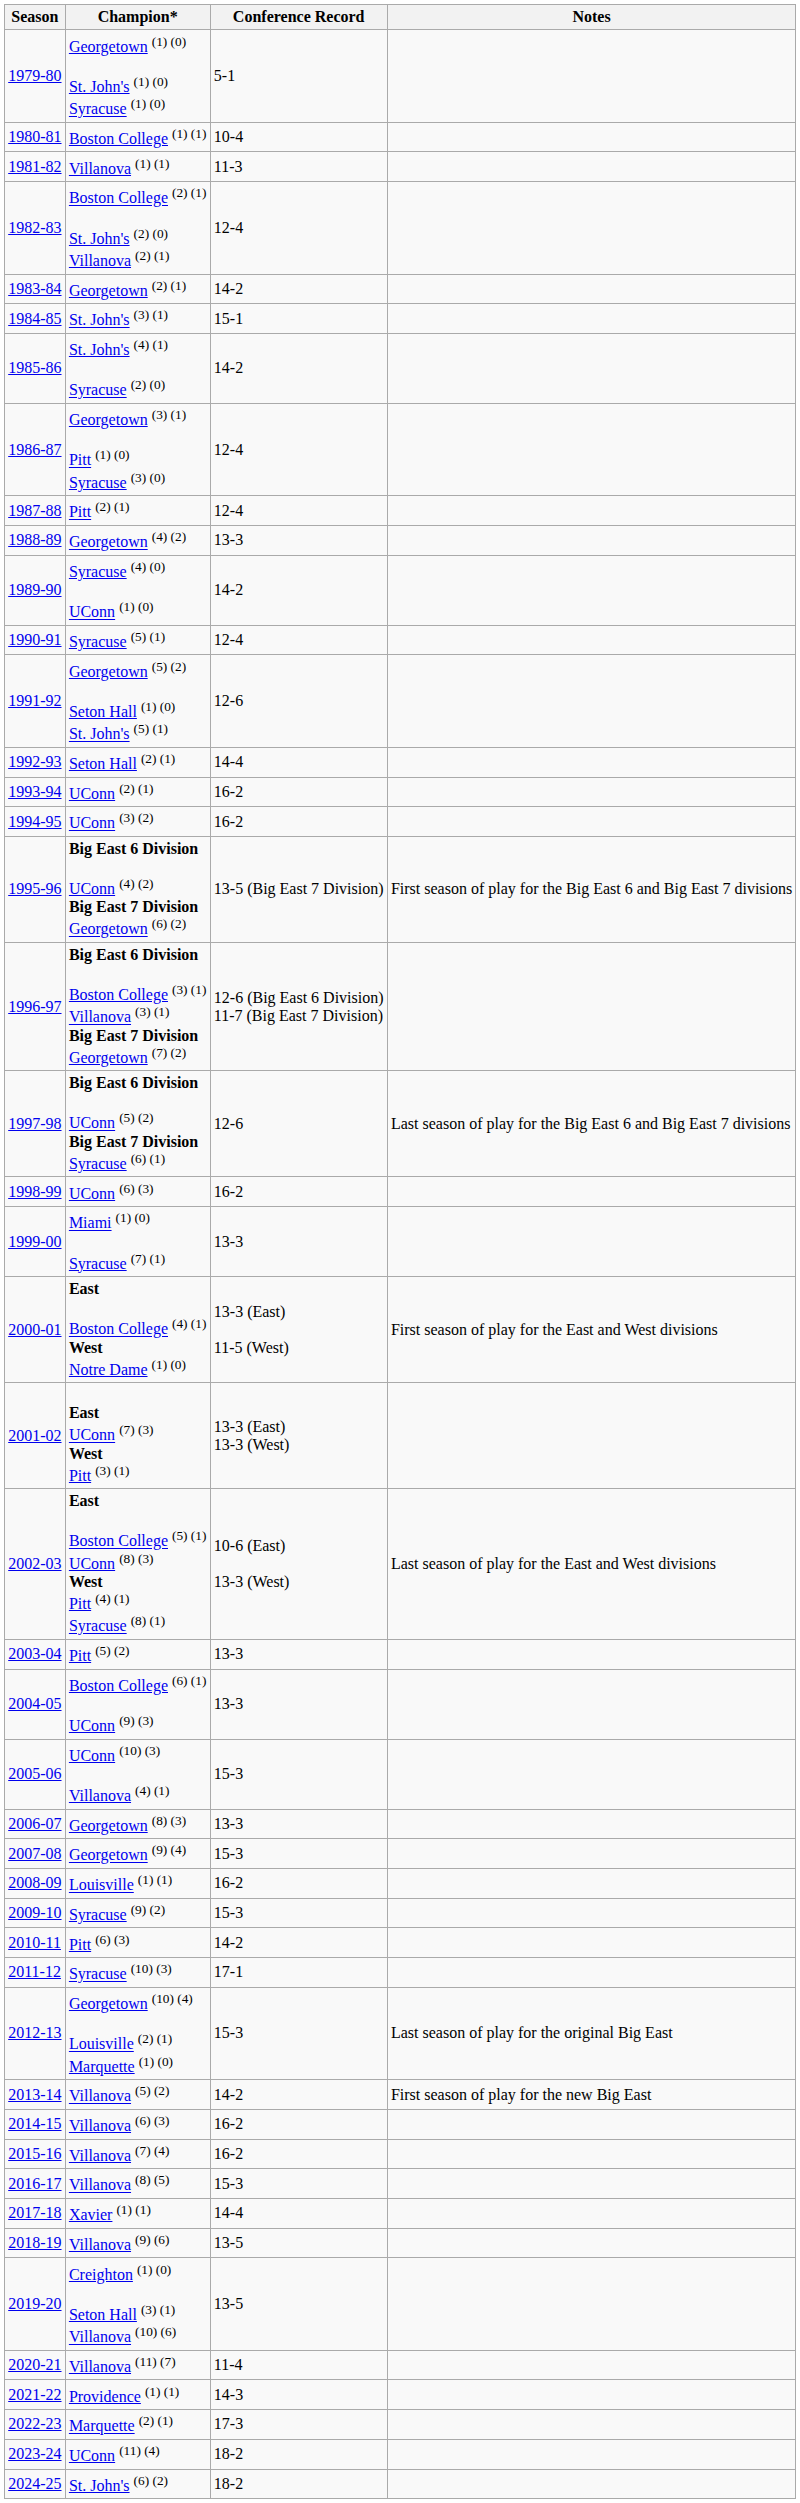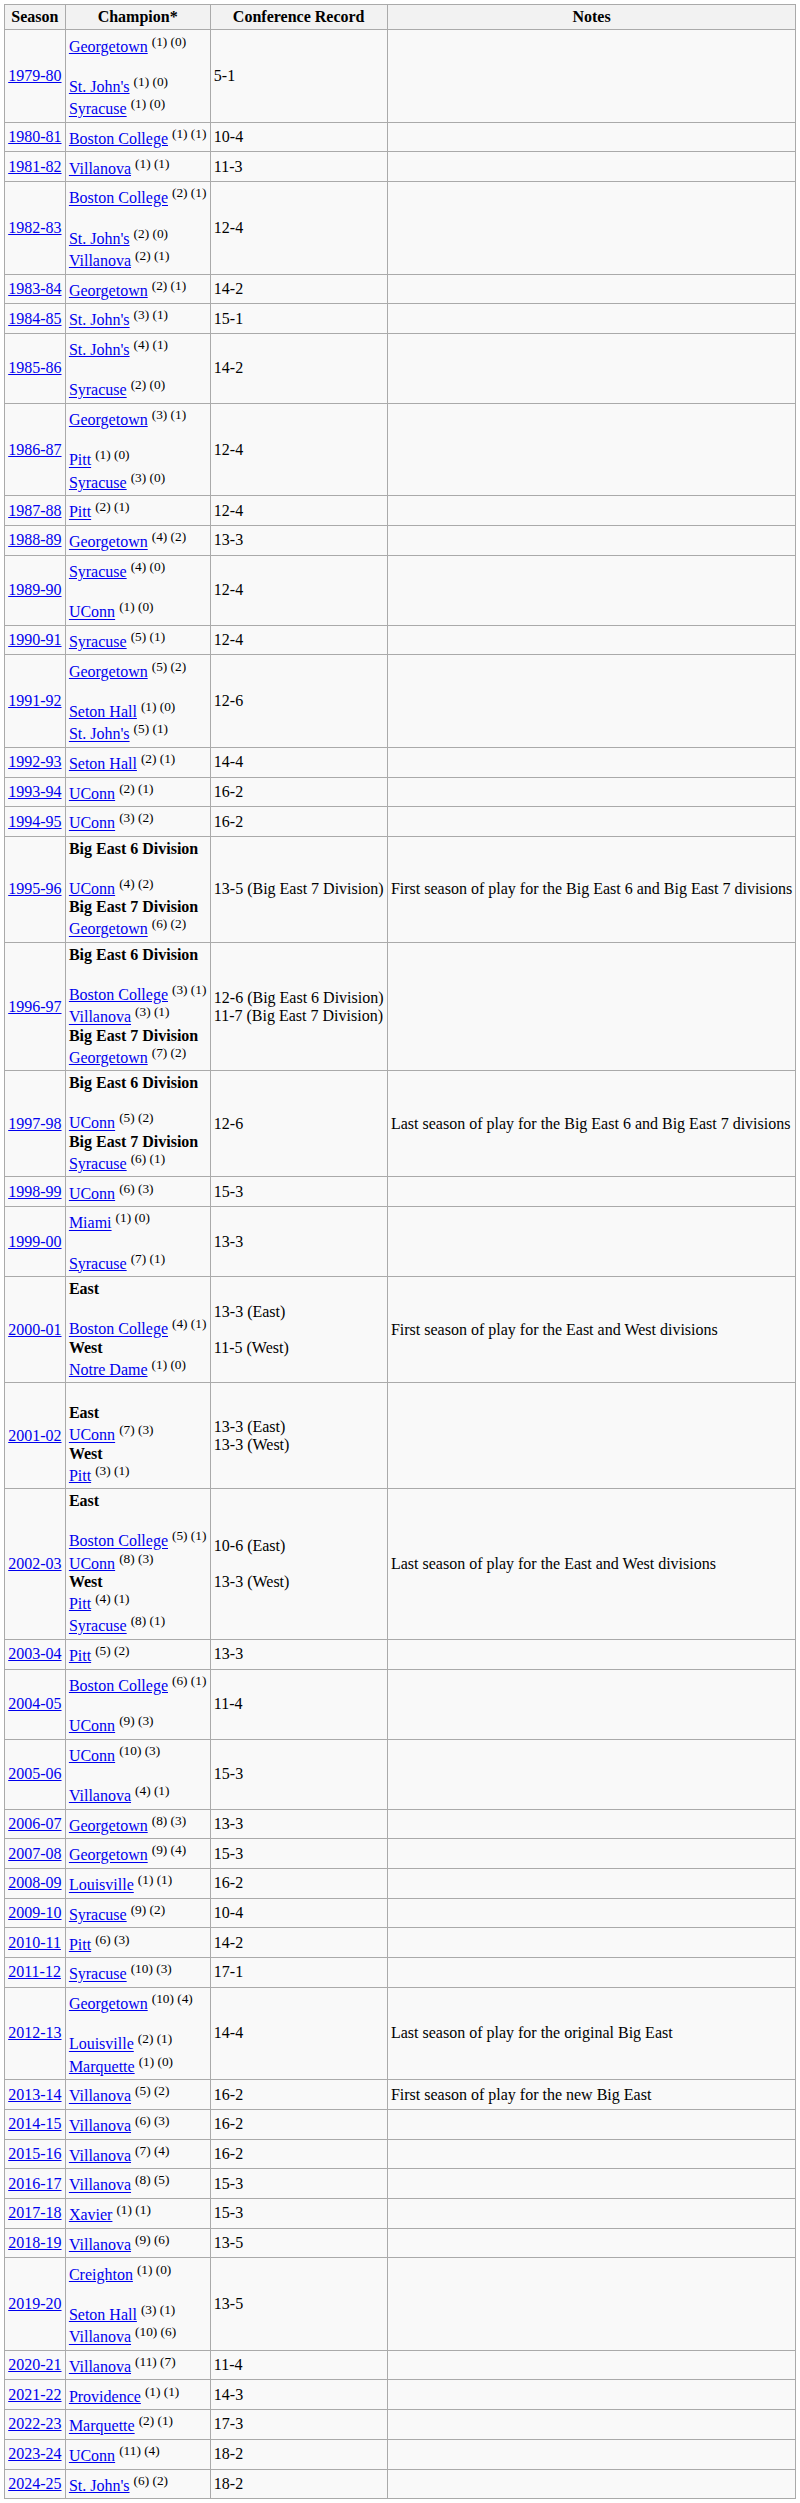 <table class="wikitable">
 <tr>
 <th>Season</th>
 <th>Champion*</th>
 <th>Conference Record</th>
 <th>Notes</th>
 </tr>
 <tr>
 <td><a href='#'>1979-80</a></td>
 <td><a href='#'>Georgetown</a> <sup>(1) (0)</sup> <br><br><a href='#'>St. John's</a> <sup>(1) (0)</sup> <br> <a href='#'>Syracuse</a> <sup>(1) (0)</sup></td>
 <td>5-1</td>
 <td></td>
 </tr>
 <tr>
 <td><a href='#'>1980-81</a></td>
 <td><a href='#'>Boston College</a> <sup>(1) (1)</sup></td>
 <td>10-4</td>
 <td></td>
 </tr>
 <tr>
 <td><a href='#'>1981-82</a></td>
 <td><a href='#'>Villanova</a> <sup>(1) (1) </sup></td>
 <td>11-3</td>
 <td></td>
 </tr>
 <tr>
 <td><a href='#'>1982-83</a></td>
 <td><a href='#'>Boston College</a> <sup>(2) (1)</sup> <br><br><a href='#'>St. John's</a> <sup>(2) (0)</sup> <br> <a href='#'>Villanova</a> <sup>(2) (1) </sup></td>
 <td>12-4</td>
 <td></td>
 </tr>
 <tr>
 <td><a href='#'>1983-84</a></td>
 <td><a href='#'>Georgetown</a> <sup>(2) (1)</sup></td>
 <td>14-2</td>
 <td></td>
 </tr>
 <tr>
 <td><a href='#'>1984-85</a></td>
 <td><a href='#'>St. John's</a> <sup>(3) (1)</sup></td>
 <td>15-1</td>
 <td></td>
 </tr>
 <tr>
 <td><a href='#'>1985-86</a></td>
 <td><a href='#'>St. John's</a> <sup>(4) (1)</sup> <br><br><a href='#'>Syracuse</a> <sup>(2) (0)</sup></td>
 <td>14-2</td>
 <td></td>
 </tr>
 <tr>
 <td><a href='#'>1986-87</a></td>
 <td><a href='#'>Georgetown</a> <sup>(3) (1)</sup><br><br><a href='#'>Pitt</a> <sup>(1) (0)</sup> <br> <a href='#'>Syracuse</a> <sup>(3) (0)</sup></td>
 <td>12-4</td>
 <td></td>
 </tr>
 <tr>
 <td><a href='#'>1987-88</a></td>
 <td><a href='#'>Pitt</a> <sup>(2) (1)</sup></td>
 <td>12-4</td>
 <td></td>
 </tr>
 <tr>
 <td><a href='#'>1988-89</a></td>
 <td><a href='#'>Georgetown</a> <sup>(4) (2)</sup></td>
 <td>13-3</td>
 <td></td>
 </tr>
 <tr>
 <td><a href='#'>1989-90</a></td>
 <td><a href='#'>Syracuse</a> <sup>(4) (0)</sup> <br><br><a href='#'>UConn</a> <sup>(1) (0)</sup></td>
-<td>14-2</td>
+<td>12-4</td>
 <td></td>
 </tr>
 <tr>
 <td><a href='#'>1990-91</a></td>
 <td><a href='#'>Syracuse</a> <sup>(5) (1)</sup></td>
 <td>12-4</td>
 <td></td>
 </tr>
 <tr>
 <td><a href='#'>1991-92</a></td>
 <td><a href='#'>Georgetown</a> <sup>(5) (2)</sup> <br><br><a href='#'>Seton Hall</a> <sup>(1) (0)</sup> <br> <a href='#'>St. John's</a> <sup>(5) (1)</sup></td>
 <td>12-6</td>
 <td></td>
 </tr>
 <tr>
 <td><a href='#'>1992-93</a></td>
 <td><a href='#'>Seton Hall</a> <sup>(2) (1)</sup></td>
 <td>14-4</td>
 <td></td>
 </tr>
 <tr>
 <td><a href='#'>1993-94</a></td>
 <td><a href='#'>UConn</a> <sup>(2) (1)</sup></td>
 <td>16-2</td>
 <td></td>
 </tr>
 <tr>
 <td><a href='#'>1994-95</a></td>
 <td><a href='#'>UConn</a> <sup>(3) (2)</sup></td>
 <td>16-2</td>
 <td></td>
 </tr>
 <tr>
 <td><a href='#'>1995-96</a></td>
 <td><strong>Big East 6 Division</strong> <br><br><a href='#'>UConn</a> <sup>(4) (2)</sup> <br> <strong>Big East 7 Division</strong> <br> <a href='#'>Georgetown</a> <sup>(6) (2)</sup></td>
 <td>13-5 (Big East 7 Division)</td>
 <td>First season of play for the Big East 6 and Big East 7 divisions</td>
 </tr>
 <tr>
 <td><a href='#'>1996-97</a></td>
 <td><strong>Big East 6 Division</strong> <br><br><a href='#'>Boston College</a> <sup>(3) (1)</sup> <br> <a href='#'>Villanova</a> <sup>(3) (1) </sup> <br> <strong>Big East 7 Division</strong><br> <a href='#'>Georgetown</a> <sup>(7) (2)</sup></td>
 <td>12-6 (Big East 6 Division)<br>11-7 (Big East 7 Division)</td>
 <td></td>
 </tr>
 <tr>
 <td><a href='#'>1997-98</a></td>
 <td><strong>Big East 6 Division</strong> <br><br><a href='#'>UConn</a> <sup>(5) (2)</sup> <br> <strong>Big East 7 Division</strong> <br> <a href='#'>Syracuse</a> <sup>(6) (1)</sup></td>
 <td>12-6</td>
 <td>Last season of play for the Big East 6 and Big East 7 divisions</td>
 </tr>
 <tr>
 <td><a href='#'>1998-99</a></td>
 <td><a href='#'>UConn</a> <sup>(6) (3)</sup> <br></td>
-<td>16-2</td>
+<td>15-3</td>
 <td></td>
 </tr>
 <tr>
 <td><a href='#'>1999-00</a></td>
 <td><a href='#'>Miami</a> <sup>(1) (0)</sup> <br><br><a href='#'>Syracuse</a> <sup>(7) (1)</sup></td>
 <td>13-3</td>
 <td></td>
 </tr>
 <tr>
 <td><a href='#'>2000-01</a></td>
 <td><strong>East</strong> <br><br><a href='#'>Boston College</a> <sup>(4) (1)</sup><br> <strong>West</strong> <br> <a href='#'>Notre Dame</a> <sup>(1) (0)</sup></td>
 <td>13-3 (East)<br><br>11-5 (West)</td>
 <td>First season of play for the East and West divisions</td>
 </tr>
 <tr>
 <td><a href='#'>2001-02</a></td>
 <td><br><strong>East</strong> <br> <a href='#'>UConn</a> <sup>(7) (3)</sup> <br> <strong>West</strong><br> <a href='#'>Pitt</a> <sup>(3) (1)</sup></td>
 <td>13-3 (East)<br>13-3 (West)</td>
 <td></td>
 </tr>
 <tr>
 <td><a href='#'>2002-03</a></td>
 <td><strong>East</strong><br><br><a href='#'>Boston College</a> <sup>(5) (1)</sup> <br> <a href='#'>UConn</a> <sup>(8) (3)</sup> <br> <strong>West</strong> <br> <a href='#'>Pitt</a> <sup>(4) (1)</sup> <br> <a href='#'>Syracuse</a> <sup>(8) (1)</sup></td>
 <td>10-6 (East)<br><br>13-3 (West)</td>
 <td>Last season of play for the East and West divisions</td>
 </tr>
 <tr>
 <td><a href='#'>2003-04</a></td>
 <td><a href='#'>Pitt</a> <sup>(5) (2)</sup></td>
 <td>13-3</td>
 <td></td>
 </tr>
 <tr>
 <td><a href='#'>2004-05</a></td>
 <td><a href='#'>Boston College</a> <sup>(6) (1)</sup> <br><br><a href='#'>UConn</a> <sup>(9) (3)</sup> <br></td>
-<td>13-3</td>
+<td>11-4</td>
 <td></td>
 </tr>
 <tr>
 <td><a href='#'>2005-06</a></td>
 <td><a href='#'>UConn</a> <sup>(10) (3)</sup> <br><br><a href='#'>Villanova</a> <sup>(4) (1) </sup></td>
 <td>15-3</td>
 <td></td>
 </tr>
 <tr>
 <td><a href='#'>2006-07</a></td>
 <td><a href='#'>Georgetown</a> <sup>(8) (3)</sup></td>
 <td>13-3</td>
 <td></td>
 </tr>
 <tr>
 <td><a href='#'>2007-08</a></td>
 <td><a href='#'>Georgetown</a> <sup>(9) (4)</sup></td>
 <td>15-3</td>
 <td></td>
 </tr>
 <tr>
 <td><a href='#'>2008-09</a></td>
 <td><a href='#'>Louisville</a> <sup>(1) (1)</sup></td>
 <td>16-2</td>
 <td></td>
 </tr>
 <tr>
 <td><a href='#'>2009-10</a></td>
 <td><a href='#'>Syracuse</a> <sup>(9) (2)</sup></td>
-<td>15-3</td>
+<td>10-4</td>
 <td></td>
 </tr>
 <tr>
 <td><a href='#'>2010-11</a></td>
 <td><a href='#'>Pitt</a> <sup>(6) (3)</sup></td>
 <td>14-2</td>
 <td></td>
 </tr>
 <tr>
 <td><a href='#'>2011-12</a></td>
 <td><a href='#'>Syracuse</a> <sup>(10) (3)</sup></td>
 <td>17-1</td>
 <td></td>
 </tr>
 <tr>
 <td><a href='#'>2012-13</a></td>
 <td><a href='#'>Georgetown</a> <sup>(10) (4)</sup> <br><br><a href='#'>Louisville</a> <sup>(2) (1)</sup> <br> <a href='#'>Marquette</a> <sup>(1) (0)</sup></td>
-<td>15-3</td>
+<td>14-4</td>
 <td>Last season of play for the original Big East</td>
 </tr>
 <tr>
 <td><a href='#'>2013-14</a></td>
 <td><a href='#'>Villanova</a> <sup>(5) (2) </sup></td>
-<td>14-2</td>
+<td>16-2</td>
 <td>First season of play for the new Big East</td>
 </tr>
 <tr>
 <td><a href='#'>2014-15</a></td>
 <td><a href='#'>Villanova</a> <sup>(6) (3) </sup></td>
 <td>16-2</td>
 <td></td>
 </tr>
 <tr>
 <td><a href='#'>2015-16</a></td>
 <td><a href='#'>Villanova</a> <sup>(7) (4) </sup></td>
 <td>16-2</td>
 <td></td>
 </tr>
 <tr>
 <td><a href='#'>2016-17</a></td>
 <td><a href='#'>Villanova</a> <sup>(8) (5) </sup></td>
 <td>15-3</td>
 <td></td>
 </tr>
 <tr>
 <td><a href='#'>2017-18</a></td>
 <td><a href='#'>Xavier</a> <sup>(1) (1)</sup></td>
-<td>14-4</td>
+<td>15-3</td>
 <td></td>
 </tr>
 <tr>
 <td><a href='#'>2018-19</a></td>
 <td><a href='#'>Villanova</a> <sup>(9) (6) </sup></td>
 <td>13-5</td>
 <td></td>
 </tr>
 <tr>
 <td><a href='#'>2019-20</a></td>
 <td><a href='#'>Creighton</a> <sup>(1) (0)</sup> <br><br><a href='#'>Seton Hall</a> <sup>(3) (1)</sup> <br> <a href='#'>Villanova</a> <sup>(10) (6) </sup></td>
 <td>13-5</td>
 <td></td>
 </tr>
 <tr>
 <td><a href='#'>2020-21</a></td>
 <td><a href='#'>Villanova</a> <sup>(11) (7) </sup></td>
 <td>11-4</td>
 <td></td>
 </tr>
 <tr>
 <td><a href='#'>2021-22</a></td>
 <td><a href='#'>Providence</a> <sup>(1) (1)</sup></td>
 <td>14-3</td>
 <td></td>
 </tr>
 <tr>
 <td><a href='#'>2022-23</a></td>
 <td><a href='#'>Marquette</a> <sup>(2) (1)</sup></td>
 <td>17-3</td>
 <td></td>
 </tr>
 <tr>
 <td><a href='#'>2023-24</a></td>
 <td><a href='#'>UConn</a> <sup>(11) (4)</sup></td>
 <td>18-2</td>
 <td></td>
 </tr>
 <tr>
 <td><a href='#'>2024-25</a></td>
 <td><a href='#'>St. John's</a> <sup>(6) (2)</sup></td>
 <td>18-2</td>
 <td></td>
 </tr>
 </table>
